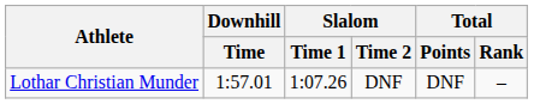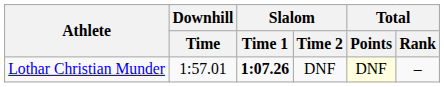 <table class="wikitable" style="font-size:90%">
 <tr>
 <th rowspan="2">Athlete</th>
 <th>Downhill</th>
 <th colspan="2">Slalom</th>
 <th colspan="2">Total</th>
 </tr>
 <tr>
 <th>Time</th>
 <th>Time 1</th>
 <th>Time 2</th>
 <th>Points</th>
 <th>Rank</th>
 </tr>
 <tr>
 <td><a href='#'>Lothar Christian Munder</a></td>
 <td align="center">1:57.01</td>
-<td align="center">1:07.26</td>
+<td align="center"><strong>1:07.26</strong></td>
 <td align="center">DNF</td>
-<td align="center">DNF</td>
+<td align="center" style="background: lightyellow;">DNF</td>
 <td align="center">–</td>
 </tr>
 </table>
